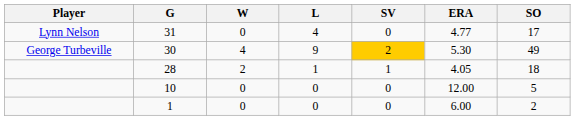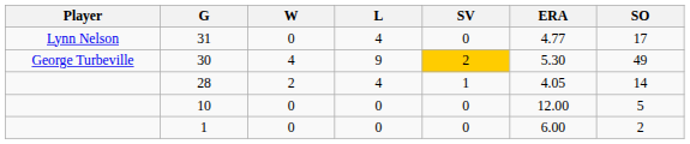 <table class="wikitable sortable">
 <tr>
 <th bgcolor="#DDDDFF" width="16%">Player</th>
 <th bgcolor="#DDDDFF" width="9%">G</th>
 <th bgcolor="#DDDDFF" width="9%">W</th>
 <th bgcolor="#DDDDFF" width="9%">L</th>
 <th bgcolor="#DDDDFF" width="9%">SV</th>
 <th bgcolor="#DDDDFF" width="9%">ERA</th>
 <th bgcolor="#DDDDFF" width="9%">SO</th>
 </tr>
 <tr align="center">
 <td><a href='#'>Lynn Nelson</a></td>
 <td>31</td>
 <td>0</td>
 <td>4</td>
 <td>0</td>
 <td>4.77</td>
 <td>17</td>
 </tr>
 <tr align=center>
 <td><a href='#'>George Turbeville</a></td>
 <td>30</td>
 <td>4</td>
 <td>9</td>
 <td style="background:#fc0;">2</td>
 <td>5.30</td>
 <td>49</td>
 </tr>
 <tr align=center>
 <td></td>
 <td>28</td>
 <td>2</td>
-<td>1</td>
+<td>4</td>
 <td>1</td>
 <td>4.05</td>
-<td>18</td>
+<td>14</td>
 </tr>
 <tr align="center">
 <td></td>
 <td>10</td>
 <td>0</td>
 <td>0</td>
 <td>0</td>
 <td>12.00</td>
 <td>5</td>
 </tr>
 <tr align="center">
 <td></td>
 <td>1</td>
 <td>0</td>
 <td>0</td>
 <td>0</td>
 <td>6.00</td>
 <td>2</td>
 </tr>
 </table>
